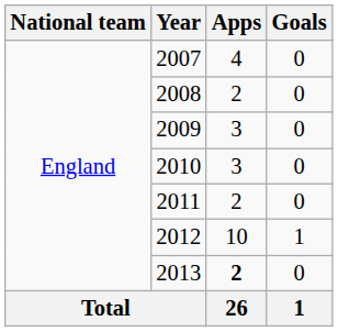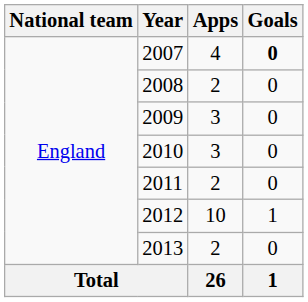 <table class=wikitable style=text-align:center>
 <tr>
 <th>National team</th>
 <th>Year</th>
 <th>Apps</th>
 <th>Goals</th>
 </tr>
 <tr>
 <td rowspan=7><a href='#'>England</a></td>
 <td>2007</td>
 <td>4</td>
-<td>0</td>
+<td><strong>0</strong></td>
 </tr>
 <tr>
 <td>2008</td>
 <td>2</td>
 <td>0</td>
 </tr>
 <tr>
 <td>2009</td>
 <td>3</td>
 <td>0</td>
 </tr>
 <tr>
 <td>2010</td>
 <td>3</td>
 <td>0</td>
 </tr>
 <tr>
 <td>2011</td>
 <td>2</td>
 <td>0</td>
 </tr>
 <tr>
 <td>2012</td>
 <td>10</td>
 <td>1</td>
 </tr>
 <tr>
 <td>2013</td>
-<td><strong>2</strong></td>
+<td>2</td>
 <td>0</td>
 </tr>
 <tr>
 <th colspan=2>Total</th>
 <th>26</th>
 <th>1</th>
 </tr>
 </table>
